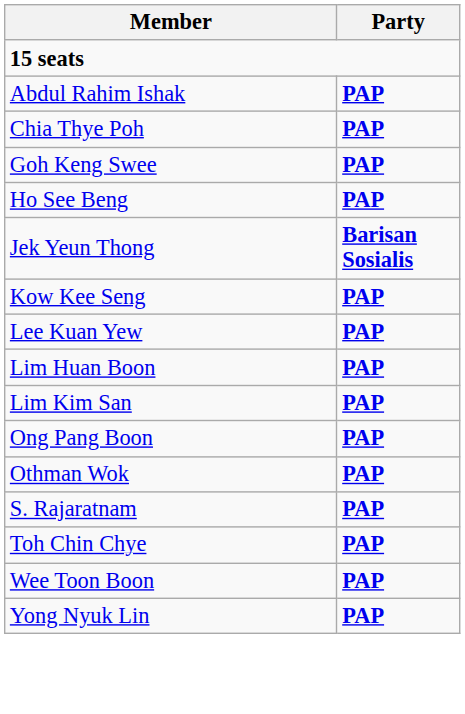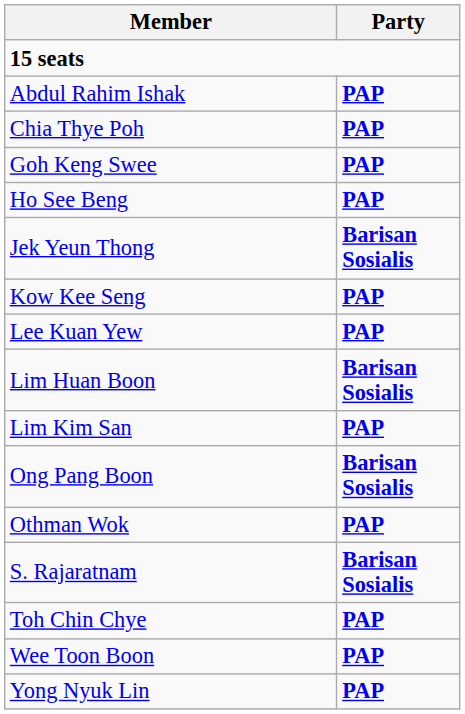 <table class="wikitable sortable">
 <tr>
 <th style="width:230px;">Member</th>
 <th style="width:80px;">Party</th>
 </tr>
 <tr>
 <td colspan="2"><strong>15 seats</strong></td>
 </tr>
 <tr>
 <td><a href='#'>Abdul Rahim Ishak</a></td>
 <td><strong><a href='#'>PAP</a></strong></td>
 </tr>
 <tr>
 <td><a href='#'>Chia Thye Poh</a></td>
 <td><strong><a href='#'>PAP</a></strong></td>
 </tr>
 <tr>
 <td><a href='#'>Goh Keng Swee</a></td>
 <td><strong><a href='#'>PAP</a></strong></td>
 </tr>
 <tr>
 <td><a href='#'>Ho See Beng</a></td>
 <td><strong><a href='#'>PAP</a></strong></td>
 </tr>
 <tr>
 <td><a href='#'>Jek Yeun Thong</a></td>
 <td><strong><a href='#'>Barisan Sosialis</a></strong></td>
 </tr>
 <tr>
 <td><a href='#'>Kow Kee Seng</a></td>
 <td><strong><a href='#'>PAP</a></strong></td>
 </tr>
 <tr>
 <td><a href='#'>Lee Kuan Yew</a></td>
 <td><strong><a href='#'>PAP</a></strong></td>
 </tr>
 <tr>
 <td><a href='#'>Lim Huan Boon</a></td>
-<td><strong><a href='#'>PAP</a></strong></td>
+<td><strong><a href='#'>Barisan Sosialis</a></strong></td>
 </tr>
 <tr>
 <td><a href='#'>Lim Kim San</a></td>
 <td><strong><a href='#'>PAP</a></strong></td>
 </tr>
 <tr>
 <td><a href='#'>Ong Pang Boon</a></td>
-<td><strong><a href='#'>PAP</a></strong></td>
+<td><strong><a href='#'>Barisan Sosialis</a></strong></td>
 </tr>
 <tr>
 <td><a href='#'>Othman Wok</a></td>
 <td><strong><a href='#'>PAP</a></strong></td>
 </tr>
 <tr>
 <td><a href='#'>S. Rajaratnam</a><br></td>
-<td><strong><a href='#'>PAP</a></strong></td>
+<td><strong><a href='#'>Barisan Sosialis</a></strong></td>
 </tr>
 <tr>
 <td><a href='#'>Toh Chin Chye</a></td>
 <td><strong><a href='#'>PAP</a></strong></td>
 </tr>
 <tr>
 <td><a href='#'>Wee Toon Boon</a></td>
 <td><strong><a href='#'>PAP</a></strong></td>
 </tr>
 <tr>
 <td><a href='#'>Yong Nyuk Lin</a></td>
 <td><strong><a href='#'>PAP</a></strong></td>
 </tr>
 </table>
